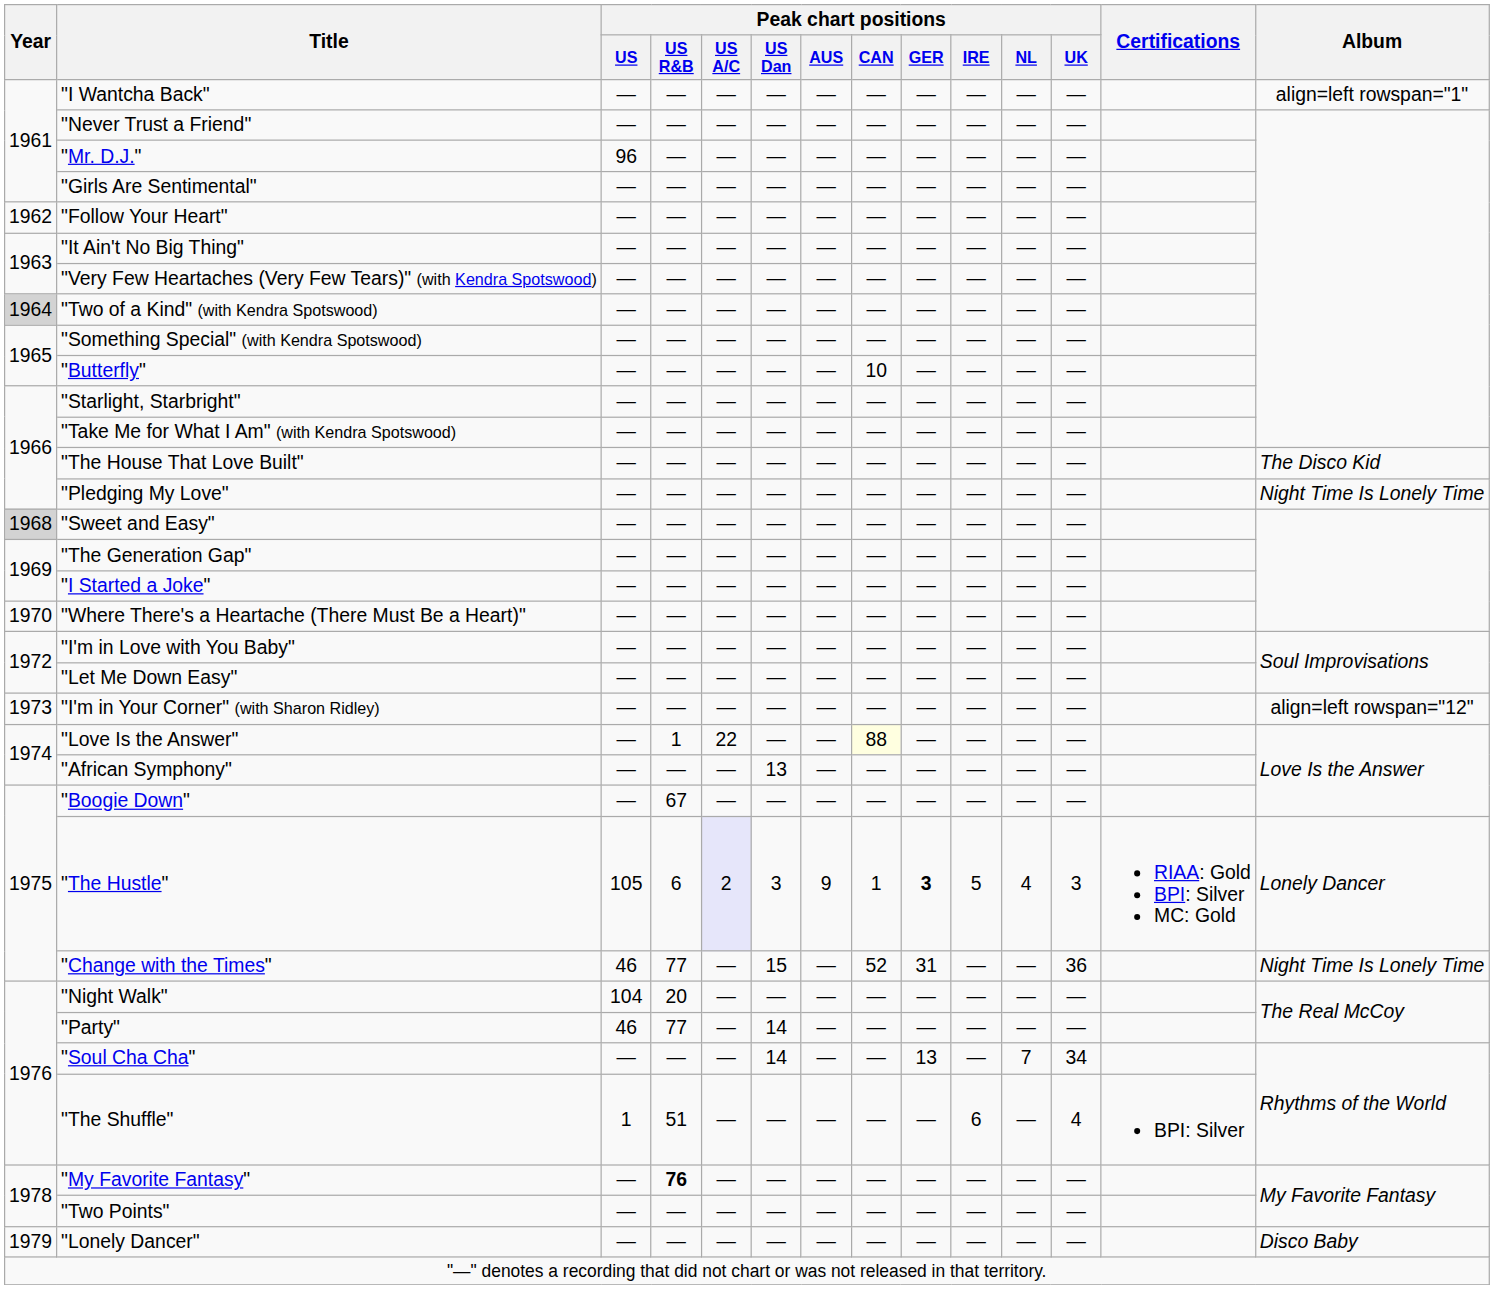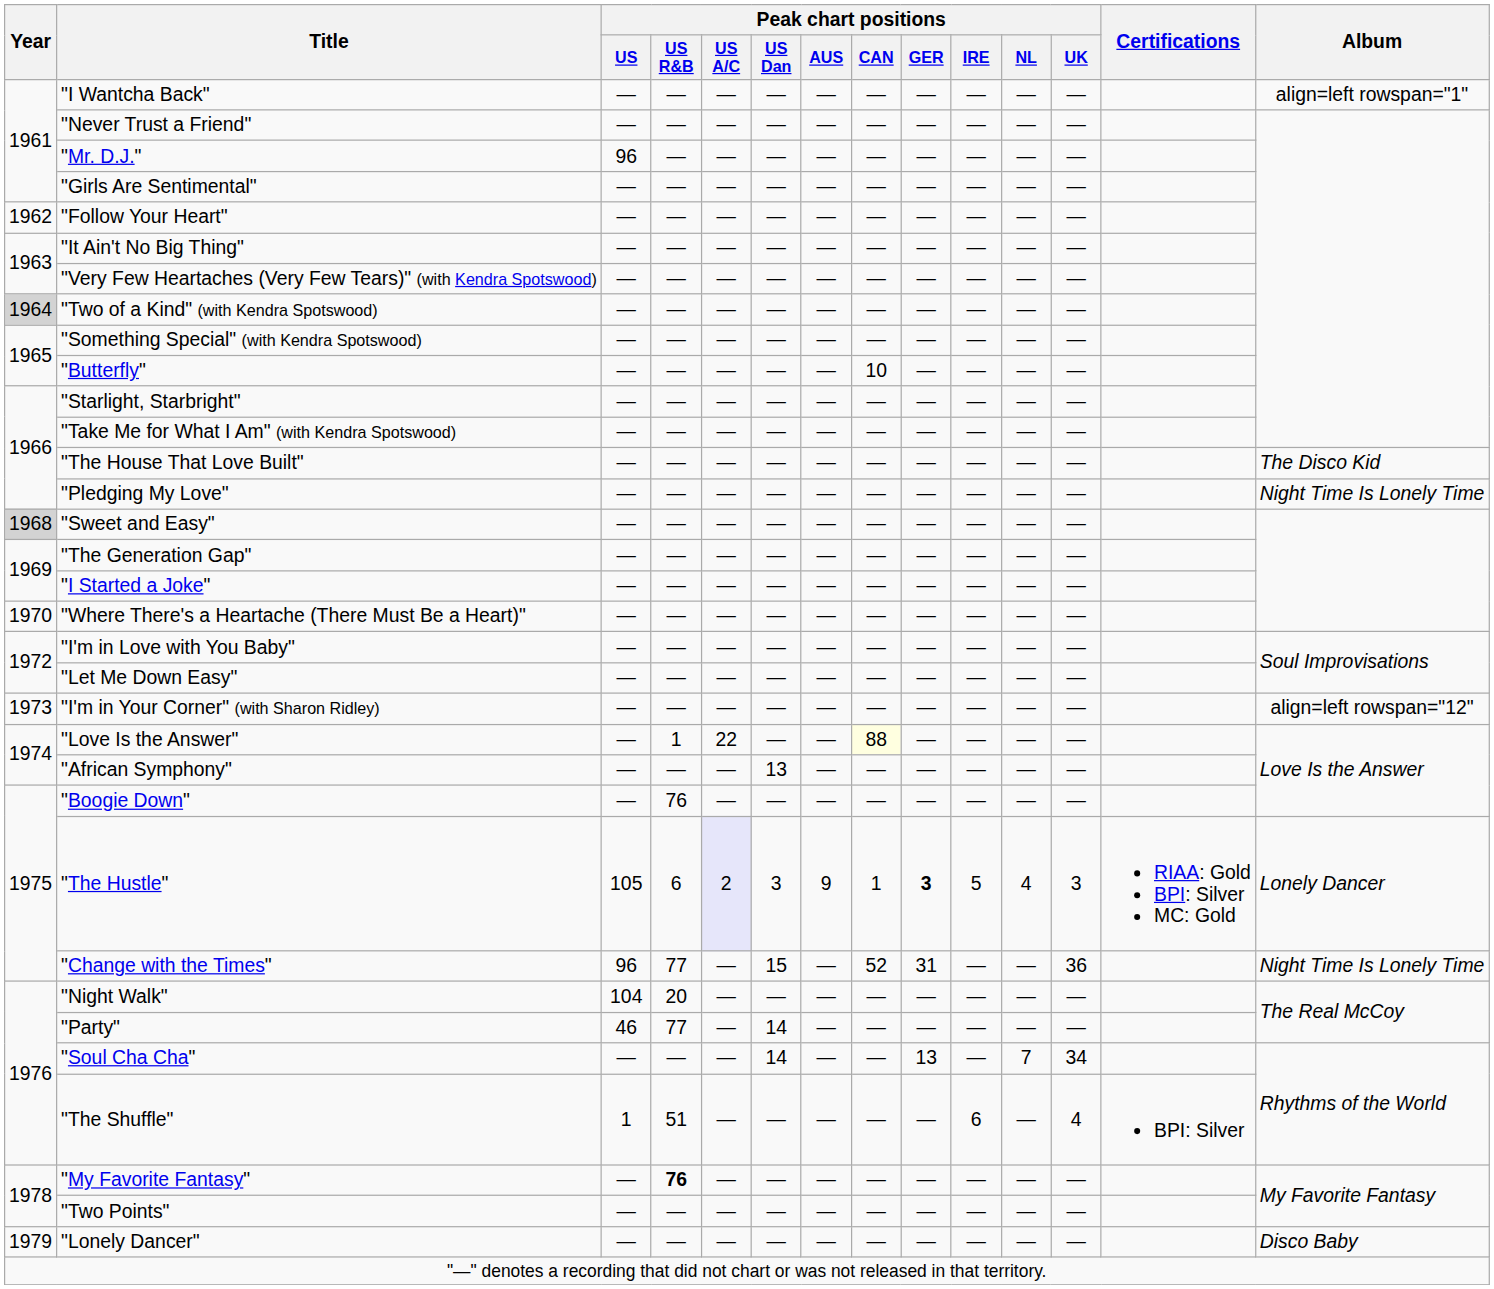 <table class="wikitable" style="text-align:center;">
 <tr>
 <th rowspan="2">Year</th>
 <th rowspan="2">Title</th>
 <th colspan="10">Peak chart positions</th>
 <th rowspan="2"><a href='#'>Certifications</a></th>
 <th rowspan="2">Album</th>
 </tr>
 <tr style="font-size:smaller;">
 <th width="35"><a href='#'>US</a><br></th>
 <th width="35"><a href='#'>US R&B</a><br></th>
 <th width="35"><a href='#'>US A/C</a><br></th>
 <th width="35"><a href='#'>US Dan</a><br></th>
 <th width="35"><a href='#'>AUS</a><br></th>
 <th width="35"><a href='#'>CAN</a><br></th>
 <th width="35"><a href='#'>GER</a><br></th>
 <th width="35"><a href='#'>IRE</a><br></th>
 <th width="35"><a href='#'>NL</a><br></th>
 <th width="35"><a href='#'>UK</a><br></th>
 </tr>
 <tr>
 <td rowspan="4">1961</td>
 <td align="left">"I Wantcha Back"</td>
 <td>—</td>
 <td>—</td>
 <td>—</td>
 <td>—</td>
 <td>—</td>
 <td>—</td>
 <td>—</td>
 <td>—</td>
 <td>—</td>
 <td>—</td>
 <td align=left></td>
 <td>align=left rowspan="1" </td>
 </tr>
 <tr>
 <td align="left">"Never Trust a Friend"</td>
 <td>—</td>
 <td>—</td>
 <td>—</td>
 <td>—</td>
 <td>—</td>
 <td>—</td>
 <td>—</td>
 <td>—</td>
 <td>—</td>
 <td>—</td>
 <td align=left></td>
 </tr>
 <tr>
 <td align="left">"<a href='#'>Mr. D.J.</a>"</td>
 <td>96</td>
 <td>—</td>
 <td>—</td>
 <td>—</td>
 <td>—</td>
 <td>—</td>
 <td>—</td>
 <td>—</td>
 <td>—</td>
 <td>—</td>
 <td align=left></td>
 </tr>
 <tr>
 <td align="left">"Girls Are Sentimental"</td>
 <td>—</td>
 <td>—</td>
 <td>—</td>
 <td>—</td>
 <td>—</td>
 <td>—</td>
 <td>—</td>
 <td>—</td>
 <td>—</td>
 <td>—</td>
 <td align=left></td>
 </tr>
 <tr>
 <td rowspan="1">1962</td>
 <td align="left">"Follow Your Heart"</td>
 <td>—</td>
 <td>—</td>
 <td>—</td>
 <td>—</td>
 <td>—</td>
 <td>—</td>
 <td>—</td>
 <td>—</td>
 <td>—</td>
 <td>—</td>
 <td align=left></td>
 </tr>
 <tr>
 <td rowspan="2">1963</td>
 <td align="left">"It Ain't No Big Thing"</td>
 <td>—</td>
 <td>—</td>
 <td>—</td>
 <td>—</td>
 <td>—</td>
 <td>—</td>
 <td>—</td>
 <td>—</td>
 <td>—</td>
 <td>—</td>
 <td align=left></td>
 </tr>
 <tr>
 <td align="left">"Very Few Heartaches (Very Few Tears)" <small>(with <a href='#'>Kendra Spotswood</a>)</small> </td>
 <td>—</td>
 <td>—</td>
 <td>—</td>
 <td>—</td>
 <td>—</td>
 <td>—</td>
 <td>—</td>
 <td>—</td>
 <td>—</td>
 <td>—</td>
 <td align=left></td>
 </tr>
 <tr>
 <td rowspan="1" style="background: lightgrey;">1964</td>
 <td align="left">"Two of a Kind" <small>(with Kendra Spotswood)</small> </td>
 <td>—</td>
 <td>—</td>
 <td>—</td>
 <td>—</td>
 <td>—</td>
 <td>—</td>
 <td>—</td>
 <td>—</td>
 <td>—</td>
 <td>—</td>
 <td align=left></td>
 </tr>
 <tr>
 <td rowspan="2">1965</td>
 <td align="left">"Something Special" <small>(with Kendra Spotswood)</small> </td>
 <td>—</td>
 <td>—</td>
 <td>—</td>
 <td>—</td>
 <td>—</td>
 <td>—</td>
 <td>—</td>
 <td>—</td>
 <td>—</td>
 <td>—</td>
 <td align=left></td>
 </tr>
 <tr>
 <td align="left">"<a href='#'>Butterfly</a>"</td>
 <td>—</td>
 <td>—</td>
 <td>—</td>
 <td>—</td>
 <td>—</td>
 <td>10</td>
 <td>—</td>
 <td>—</td>
 <td>—</td>
 <td>—</td>
 <td align=left></td>
 </tr>
 <tr>
 <td rowspan="4">1966</td>
 <td align="left">"Starlight, Starbright"</td>
 <td>—</td>
 <td>—</td>
 <td>—</td>
 <td>—</td>
 <td>—</td>
 <td>—</td>
 <td>—</td>
 <td>—</td>
 <td>—</td>
 <td>—</td>
 <td align=left></td>
 </tr>
 <tr>
 <td align="left">"Take Me for What I Am" <small>(with Kendra Spotswood)</small> </td>
 <td>—</td>
 <td>—</td>
 <td>—</td>
 <td>—</td>
 <td>—</td>
 <td>—</td>
 <td>—</td>
 <td>—</td>
 <td>—</td>
 <td>—</td>
 <td align=left></td>
 </tr>
 <tr>
 <td align="left">"The House That Love Built"</td>
 <td>—</td>
 <td>—</td>
 <td>—</td>
 <td>—</td>
 <td>—</td>
 <td>—</td>
 <td>—</td>
 <td>—</td>
 <td>—</td>
 <td>—</td>
 <td align=left></td>
 <td align=left rowspan="1"><em>The Disco Kid</em></td>
 </tr>
 <tr>
 <td align="left">"Pledging My Love"</td>
 <td>—</td>
 <td>—</td>
 <td>—</td>
 <td>—</td>
 <td>—</td>
 <td>—</td>
 <td>—</td>
 <td>—</td>
 <td>—</td>
 <td>—</td>
 <td align=left></td>
 <td align=left rowspan="1"><em>Night Time Is Lonely Time</em></td>
 </tr>
 <tr>
 <td rowspan="1" style="background: lightgrey;">1968</td>
 <td align="left">"Sweet and Easy" </td>
 <td>—</td>
 <td>—</td>
 <td>—</td>
 <td>—</td>
 <td>—</td>
 <td>—</td>
 <td>—</td>
 <td>—</td>
 <td>—</td>
 <td>—</td>
 <td align=left></td>
 </tr>
 <tr>
 <td rowspan="2">1969</td>
 <td align="left">"The Generation Gap" </td>
 <td>—</td>
 <td>—</td>
 <td>—</td>
 <td>—</td>
 <td>—</td>
 <td>—</td>
 <td>—</td>
 <td>—</td>
 <td>—</td>
 <td>—</td>
 <td align=left></td>
 </tr>
 <tr>
 <td align="left">"<a href='#'>I Started a Joke</a>"</td>
 <td>—</td>
 <td>—</td>
 <td>—</td>
 <td>—</td>
 <td>—</td>
 <td>—</td>
 <td>—</td>
 <td>—</td>
 <td>—</td>
 <td>—</td>
 <td align=left></td>
 </tr>
 <tr>
 <td rowspan="1">1970</td>
 <td align="left">"Where There's a Heartache (There Must Be a Heart)"</td>
 <td>—</td>
 <td>—</td>
 <td>—</td>
 <td>—</td>
 <td>—</td>
 <td>—</td>
 <td>—</td>
 <td>—</td>
 <td>—</td>
 <td>—</td>
 <td align=left></td>
 </tr>
 <tr>
 <td rowspan="2">1972</td>
 <td align="left">"I'm in Love with You Baby"</td>
 <td>—</td>
 <td>—</td>
 <td>—</td>
 <td>—</td>
 <td>—</td>
 <td>—</td>
 <td>—</td>
 <td>—</td>
 <td>—</td>
 <td>—</td>
 <td align=left></td>
 <td align=left rowspan="2"><em>Soul Improvisations</em></td>
 </tr>
 <tr>
 <td align="left">"Let Me Down Easy"</td>
 <td>—</td>
 <td>—</td>
 <td>—</td>
 <td>—</td>
 <td>—</td>
 <td>—</td>
 <td>—</td>
 <td>—</td>
 <td>—</td>
 <td>—</td>
 <td align=left></td>
 </tr>
 <tr>
 <td rowspan="1">1973</td>
 <td align="left">"I'm in Your Corner" <small>(with Sharon Ridley)</small></td>
 <td>—</td>
 <td>—</td>
 <td>—</td>
 <td>—</td>
 <td>—</td>
 <td>—</td>
 <td>—</td>
 <td>—</td>
 <td>—</td>
 <td>—</td>
 <td align=left></td>
 <td>align=left rowspan="12" </td>
 </tr>
 <tr>
 <td rowspan="2">1974</td>
 <td align="left">"Love Is the Answer" </td>
 <td>—</td>
 <td>1</td>
 <td>22</td>
 <td>—</td>
 <td>—</td>
 <td style="background: lightyellow;">88</td>
 <td>—</td>
 <td>—</td>
 <td>—</td>
 <td>—</td>
 <td align=left></td>
 <td align=left rowspan="3"><em>Love Is the Answer</em></td>
 </tr>
 <tr>
 <td align="left">"African Symphony" </td>
 <td>—</td>
 <td>—</td>
 <td>—</td>
 <td>13</td>
 <td>—</td>
 <td>—</td>
 <td>—</td>
 <td>—</td>
 <td>—</td>
 <td>—</td>
 <td align=left></td>
 </tr>
 <tr>
 <td rowspan="3">1975</td>
 <td align="left">"<a href='#'>Boogie Down</a>" </td>
 <td>—</td>
-<td>67</td>
+<td>76</td>
 <td>—</td>
 <td>—</td>
 <td>—</td>
 <td>—</td>
 <td>—</td>
 <td>—</td>
 <td>—</td>
 <td>—</td>
 <td align=left></td>
 </tr>
 <tr>
 <td align="left">"<a href='#'>The Hustle</a>" </td>
 <td>105</td>
 <td>6</td>
 <td style="background: lavender;">2</td>
 <td>3</td>
 <td>9</td>
 <td>1</td>
 <td><strong>3</strong></td>
 <td>5</td>
 <td>4</td>
 <td>3</td>
 <td align=left><br><ul><li><a href='#'>RIAA</a>: Gold</li><li><a href='#'>BPI</a>: Silver</li><li>MC: Gold</li></ul></td>
 <td align=left rowspan="1"><em>Lonely Dancer</em></td>
 </tr>
 <tr>
 <td align="left">"<a href='#'>Change with the Times</a>"</td>
-<td>46</td>
+<td>96</td>
 <td>77</td>
 <td>—</td>
 <td>15</td>
 <td>—</td>
 <td>52</td>
 <td>31</td>
 <td>—</td>
 <td>—</td>
 <td>36</td>
 <td align=left></td>
 <td align=left rowspan="1"><em>Night Time Is Lonely Time</em></td>
 </tr>
 <tr>
 <td rowspan="4">1976</td>
 <td align="left">"Night Walk"</td>
 <td>104</td>
 <td>20</td>
 <td>—</td>
 <td>—</td>
 <td>—</td>
 <td>—</td>
 <td>—</td>
 <td>—</td>
 <td>—</td>
 <td>—</td>
 <td align=left></td>
 <td align=left rowspan="2"><em>The Real McCoy</em></td>
 </tr>
 <tr>
 <td align="left">"Party"</td>
 <td>46</td>
 <td>77</td>
 <td>—</td>
 <td>14</td>
 <td>—</td>
 <td>—</td>
 <td>—</td>
 <td>—</td>
 <td>—</td>
 <td>—</td>
 <td align=left></td>
 </tr>
 <tr>
 <td align="left">"<a href='#'>Soul Cha Cha</a>" </td>
 <td>—</td>
 <td>—</td>
 <td>—</td>
 <td>14</td>
 <td>—</td>
 <td>—</td>
 <td>13</td>
 <td>—</td>
 <td>7</td>
 <td>34</td>
 <td align=left></td>
 <td align=left rowspan="2"><em>Rhythms of the World</em></td>
 </tr>
 <tr>
 <td align="left">"The Shuffle"</td>
 <td>1</td>
 <td>51</td>
 <td>—</td>
 <td>—</td>
 <td>—</td>
 <td>—</td>
 <td>—</td>
 <td>6</td>
 <td>—</td>
 <td>4</td>
 <td align=left><br><ul><li>BPI: Silver</li></ul></td>
 </tr>
 <tr>
 <td rowspan="2">1978</td>
 <td align="left">"<a href='#'>My Favorite Fantasy</a>"</td>
 <td>—</td>
 <td><strong>76</strong></td>
 <td>—</td>
 <td>—</td>
 <td>—</td>
 <td>—</td>
 <td>—</td>
 <td>—</td>
 <td>—</td>
 <td>—</td>
 <td align=left></td>
 <td align=left rowspan="2"><em>My Favorite Fantasy</em></td>
 </tr>
 <tr>
 <td align="left">"Two Points"</td>
 <td>—</td>
 <td>—</td>
 <td>—</td>
 <td>—</td>
 <td>—</td>
 <td>—</td>
 <td>—</td>
 <td>—</td>
 <td>—</td>
 <td>—</td>
 <td align=left></td>
 </tr>
 <tr>
 <td rowspan="1">1979</td>
 <td align="left">"Lonely Dancer"</td>
 <td>—</td>
 <td>—</td>
 <td>—</td>
 <td>—</td>
 <td>—</td>
 <td>—</td>
 <td>—</td>
 <td>—</td>
 <td>—</td>
 <td>—</td>
 <td align=left></td>
 <td align=left rowspan="1"><em>Disco Baby</em></td>
 </tr>
 <tr>
 <td colspan="15" style="font-size:90%">"—" denotes a recording that did not chart or was not released in that territory.</td>
 </tr>
 </table>
